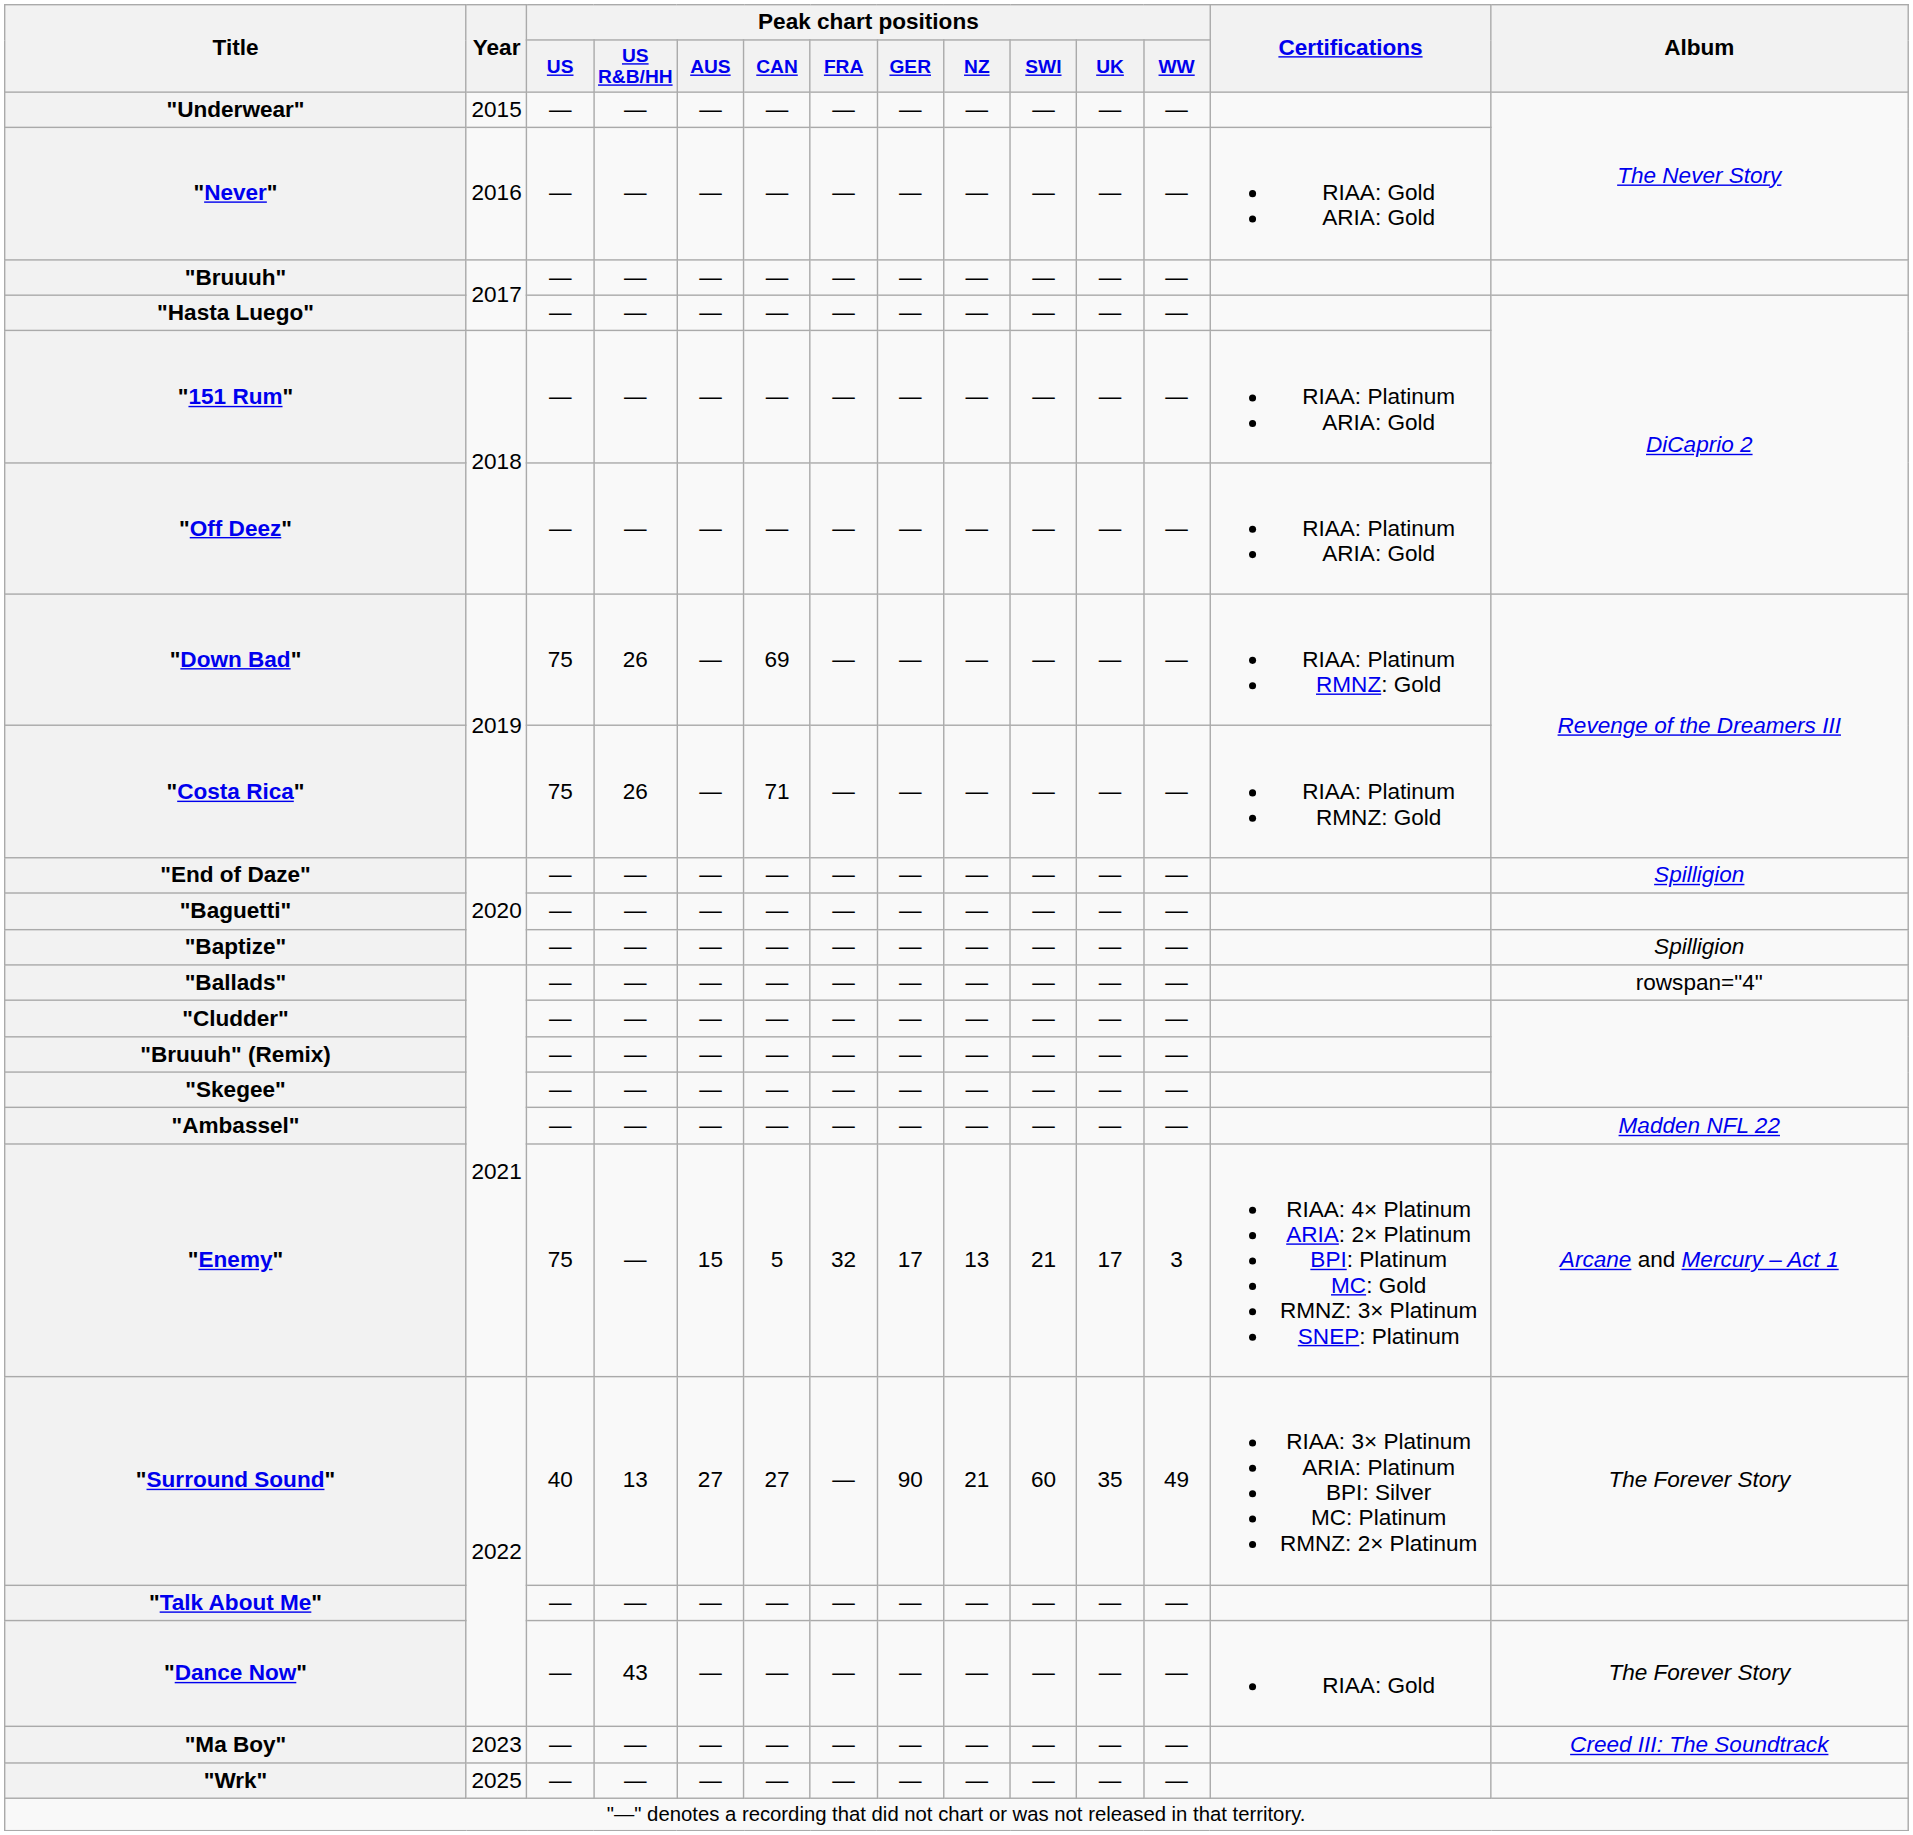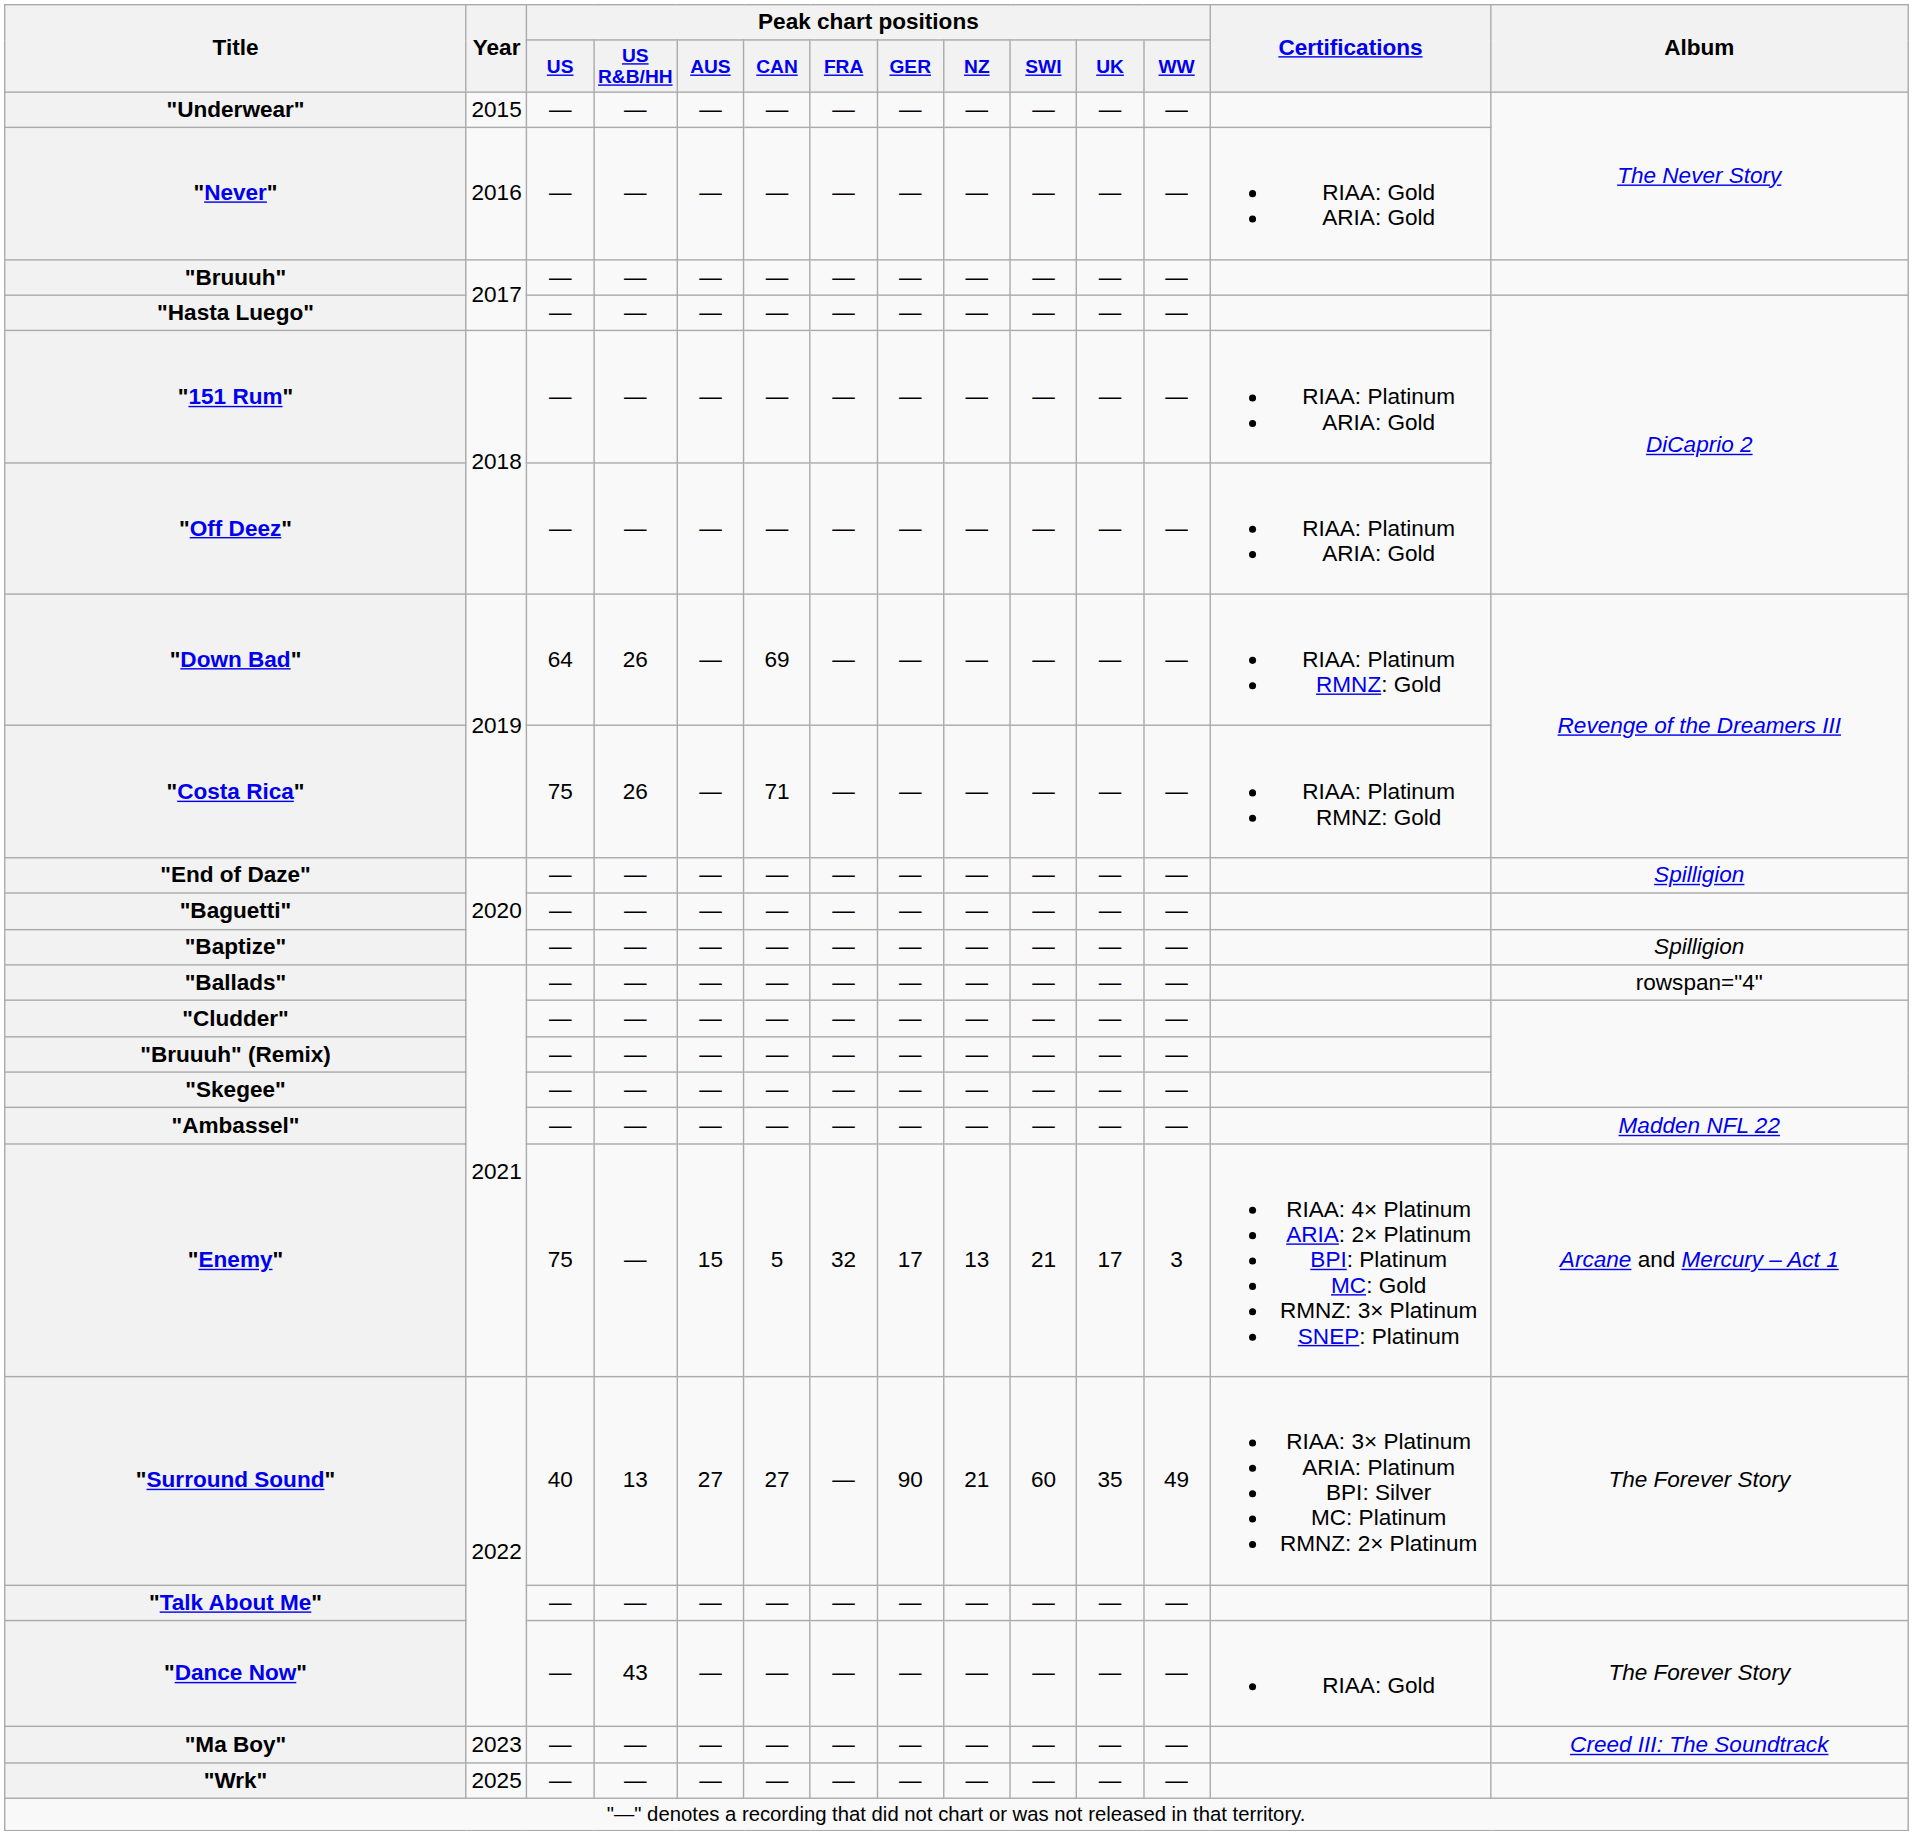 <table class="wikitable plainrowheaders" style="text-align:center;">
 <tr>
 <th scope="col" rowspan="2" style="width:20em;">Title</th>
 <th scope="col" rowspan="2" style="width:1em;">Year</th>
 <th scope="col" colspan="10">Peak chart positions</th>
 <th scope="col" rowspan="2" style="width:12em;"><a href='#'>Certifications</a></th>
 <th scope="col" rowspan="2" style="width:18em;">Album</th>
 </tr>
 <tr>
 <th scope="col" style="width:3em;font-size:85%;"><a href='#'>US</a><br></th>
 <th scope="col" style="width:3em;font-size:85%;"><a href='#'>US<br>R&B/HH</a><br></th>
 <th scope="col" style="width:3em;font-size:85%;"><a href='#'>AUS</a><br></th>
 <th scope="col" style="width:3em;font-size:85%;"><a href='#'>CAN</a><br></th>
 <th scope="col" style="width:3em;font-size:85%;"><a href='#'>FRA</a></th>
 <th scope="col" style="width:3em;font-size:85%;"><a href='#'>GER</a></th>
 <th scope="col" style="width:3em;font-size:85%;"><a href='#'>NZ</a><br></th>
 <th scope="col" style="width:3em;font-size:85%;"><a href='#'>SWI</a></th>
 <th scope="col" style="width:3em;font-size:85%;"><a href='#'>UK</a></th>
 <th scope="col" style="width:3em;font-size:85%;"><a href='#'>WW</a><br></th>
 </tr>
 <tr>
 <th scope="row">"Underwear"</th>
 <td>2015</td>
 <td>—</td>
 <td>—</td>
 <td>—</td>
 <td>—</td>
 <td>—</td>
 <td>—</td>
 <td>—</td>
 <td>—</td>
 <td>—</td>
 <td>—</td>
 <td></td>
 <td rowspan="2"><em><a href='#'>The Never Story</a></em></td>
 </tr>
 <tr>
 <th scope="row">"<a href='#'>Never</a>"</th>
 <td>2016</td>
 <td>—</td>
 <td>—</td>
 <td>—</td>
 <td>—</td>
 <td>—</td>
 <td>—</td>
 <td>—</td>
 <td>—</td>
 <td>—</td>
 <td>—</td>
 <td><br><ul><li>RIAA: Gold</li><li>ARIA: Gold</li></ul></td>
 </tr>
 <tr>
 <th scope="row">"Bruuuh"</th>
 <td rowspan="2">2017</td>
 <td>—</td>
 <td>—</td>
 <td>—</td>
 <td>—</td>
 <td>—</td>
 <td>—</td>
 <td>—</td>
 <td>—</td>
 <td>—</td>
 <td>—</td>
 <td></td>
 <td></td>
 </tr>
 <tr>
 <th scope="row">"Hasta Luego"</th>
 <td>—</td>
 <td>—</td>
 <td>—</td>
 <td>—</td>
 <td>—</td>
 <td>—</td>
 <td>—</td>
 <td>—</td>
 <td>—</td>
 <td>—</td>
 <td></td>
 <td rowspan="3"><em><a href='#'>DiCaprio 2</a></em></td>
 </tr>
 <tr>
 <th scope="row">"<a href='#'>151 Rum</a>"</th>
 <td rowspan="2">2018</td>
 <td>—</td>
 <td>—</td>
 <td>—</td>
 <td>—</td>
 <td>—</td>
 <td>—</td>
 <td>—</td>
 <td>—</td>
 <td>—</td>
 <td>—</td>
 <td><br><ul><li>RIAA: Platinum</li><li>ARIA: Gold</li></ul></td>
 </tr>
 <tr>
 <th scope="row">"<a href='#'>Off Deez</a>"<br></th>
 <td>—</td>
 <td>—</td>
 <td>—</td>
 <td>—</td>
 <td>—</td>
 <td>—</td>
 <td>—</td>
 <td>—</td>
 <td>—</td>
 <td>—</td>
 <td><br><ul><li>RIAA: Platinum</li><li>ARIA: Gold</li></ul></td>
 </tr>
 <tr>
 <th scope="row">"<a href='#'>Down Bad</a>"<br></th>
 <td rowspan="2">2019</td>
-<td>75</td>
+<td>64</td>
 <td>26</td>
 <td>—</td>
 <td>69</td>
 <td>—</td>
 <td>—</td>
 <td>—</td>
 <td>—</td>
 <td>—</td>
 <td>—</td>
 <td><br><ul><li>RIAA: Platinum</li><li><a href='#'>RMNZ</a>: Gold</li></ul></td>
 <td rowspan="2"><em><a href='#'>Revenge of the Dreamers III</a></em></td>
 </tr>
 <tr>
 <th scope="row">"<a href='#'>Costa Rica</a>"<br></th>
 <td>75</td>
 <td>26</td>
 <td>—</td>
 <td>71</td>
 <td>—</td>
 <td>—</td>
 <td>—</td>
 <td>—</td>
 <td>—</td>
 <td>—</td>
 <td><br><ul><li>RIAA: Platinum</li><li>RMNZ: Gold</li></ul></td>
 </tr>
 <tr>
 <th scope="row">"End of Daze"<br></th>
 <td rowspan="3">2020</td>
 <td>—</td>
 <td>—</td>
 <td>—</td>
 <td>—</td>
 <td>—</td>
 <td>—</td>
 <td>—</td>
 <td>—</td>
 <td>—</td>
 <td>—</td>
 <td></td>
 <td><em><a href='#'>Spilligion</a></em></td>
 </tr>
 <tr>
 <th scope="row">"Baguetti"<br></th>
 <td>—</td>
 <td>—</td>
 <td>—</td>
 <td>—</td>
 <td>—</td>
 <td>—</td>
 <td>—</td>
 <td>—</td>
 <td>—</td>
 <td>—</td>
 <td></td>
 <td></td>
 </tr>
 <tr>
 <th scope="row">"Baptize"<br></th>
 <td>—</td>
 <td>—</td>
 <td>—</td>
 <td>—</td>
 <td>—</td>
 <td>—</td>
 <td>—</td>
 <td>—</td>
 <td>—</td>
 <td>—</td>
 <td></td>
 <td><em>Spilligion</em></td>
 </tr>
 <tr>
 <th scope="row">"Ballads"<br></th>
 <td rowspan="6">2021</td>
 <td>—</td>
 <td>—</td>
 <td>—</td>
 <td>—</td>
 <td>—</td>
 <td>—</td>
 <td>—</td>
 <td>—</td>
 <td>—</td>
 <td>—</td>
 <td></td>
 <td>rowspan="4" </td>
 </tr>
 <tr>
 <th scope="row">"Cludder"</th>
 <td>—</td>
 <td>—</td>
 <td>—</td>
 <td>—</td>
 <td>—</td>
 <td>—</td>
 <td>—</td>
 <td>—</td>
 <td>—</td>
 <td>—</td>
 <td></td>
 </tr>
 <tr>
 <th scope="row">"Bruuuh" (Remix)<br></th>
 <td>—</td>
 <td>—</td>
 <td>—</td>
 <td>—</td>
 <td>—</td>
 <td>—</td>
 <td>—</td>
 <td>—</td>
 <td>—</td>
 <td>—</td>
 <td></td>
 </tr>
 <tr>
 <th scope="row">"Skegee"</th>
 <td>—</td>
 <td>—</td>
 <td>—</td>
 <td>—</td>
 <td>—</td>
 <td>—</td>
 <td>—</td>
 <td>—</td>
 <td>—</td>
 <td>—</td>
 <td></td>
 </tr>
 <tr>
 <th scope="row">"Ambassel"</th>
 <td>—</td>
 <td>—</td>
 <td>—</td>
 <td>—</td>
 <td>—</td>
 <td>—</td>
 <td>—</td>
 <td>—</td>
 <td>—</td>
 <td>—</td>
 <td></td>
 <td><em><a href='#'>Madden NFL 22</a></em></td>
 </tr>
 <tr>
 <th scope="row">"<a href='#'>Enemy</a>"<br></th>
 <td>75</td>
 <td>—</td>
 <td>15</td>
 <td>5</td>
 <td>32</td>
 <td>17</td>
 <td>13</td>
 <td>21</td>
 <td>17</td>
 <td>3</td>
 <td><br><ul><li>RIAA: 4× Platinum</li><li><a href='#'>ARIA</a>: 2× Platinum</li><li><a href='#'>BPI</a>: Platinum</li><li><a href='#'>MC</a>: Gold</li><li>RMNZ: 3× Platinum</li><li><a href='#'>SNEP</a>: Platinum</li></ul></td>
 <td><em><a href='#'>Arcane</a></em> and <em><a href='#'>Mercury – Act 1</a></em></td>
 </tr>
 <tr>
 <th scope=row>"<a href='#'>Surround Sound</a>"<br></th>
 <td rowspan="3">2022</td>
 <td>40</td>
 <td>13</td>
 <td>27</td>
 <td>27</td>
 <td>—</td>
 <td>90<br></td>
 <td>21<br></td>
 <td>60<br></td>
 <td>35<br></td>
 <td>49</td>
 <td><br><ul><li>RIAA: 3× Platinum</li><li>ARIA: Platinum</li><li>BPI: Silver</li><li>MC: Platinum</li><li>RMNZ: 2× Platinum</li></ul></td>
 <td><em>The Forever Story</em></td>
 </tr>
 <tr>
 <th scope="row">"<a href='#'>Talk About Me</a>"<br></th>
 <td>—</td>
 <td>—</td>
 <td>—</td>
 <td>—</td>
 <td>—</td>
 <td>—</td>
 <td>—</td>
 <td>—</td>
 <td>—</td>
 <td>—</td>
 <td></td>
 <td></td>
 </tr>
 <tr>
 <th scope=row>"<a href='#'>Dance Now</a>"<br></th>
 <td>—</td>
 <td>43</td>
 <td>—</td>
 <td>—</td>
 <td>—</td>
 <td>—</td>
 <td>—</td>
 <td>—</td>
 <td>—</td>
 <td>—</td>
 <td><br><ul><li>RIAA: Gold</li></ul></td>
 <td><em>The Forever Story</em></td>
 </tr>
 <tr>
 <th scope=row>"Ma Boy"<br></th>
 <td>2023</td>
 <td>—</td>
 <td>—</td>
 <td>—</td>
 <td>—</td>
 <td>—</td>
 <td>—</td>
 <td>—</td>
 <td>—</td>
 <td>—</td>
 <td>—</td>
 <td></td>
 <td><em><a href='#'>Creed III: The Soundtrack</a></em></td>
 </tr>
 <tr>
 <th scope="row">"Wrk"</th>
 <td>2025</td>
 <td>—</td>
 <td>—</td>
 <td>—</td>
 <td>—</td>
 <td>—</td>
 <td>—</td>
 <td>—</td>
 <td>—</td>
 <td>—</td>
 <td>—</td>
 <td></td>
 <td></td>
 </tr>
 <tr>
 <td colspan="14" style="font-size:90%">"—" denotes a recording that did not chart or was not released in that territory.</td>
 </tr>
 </table>
